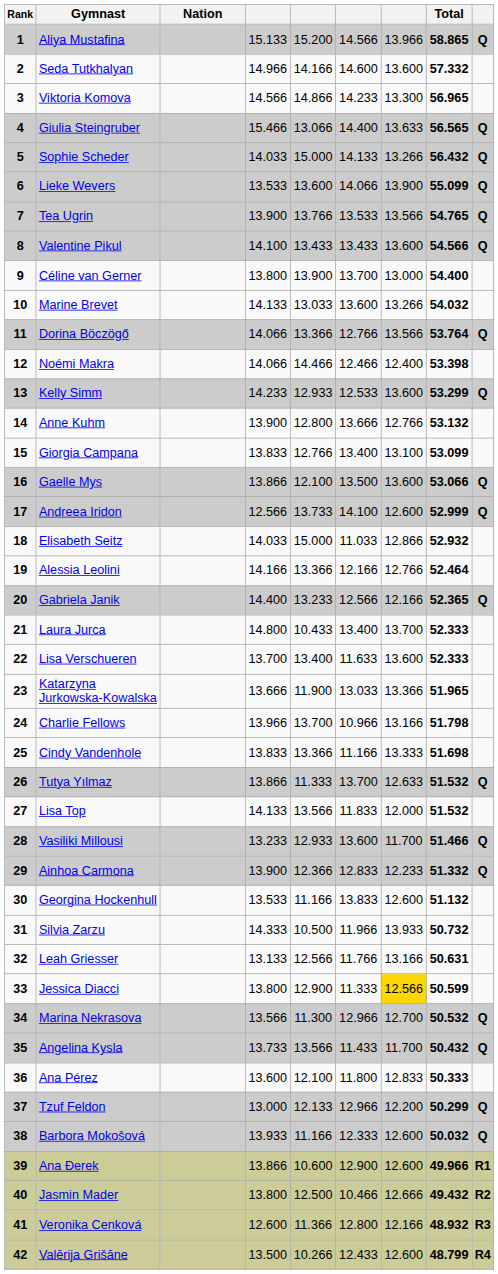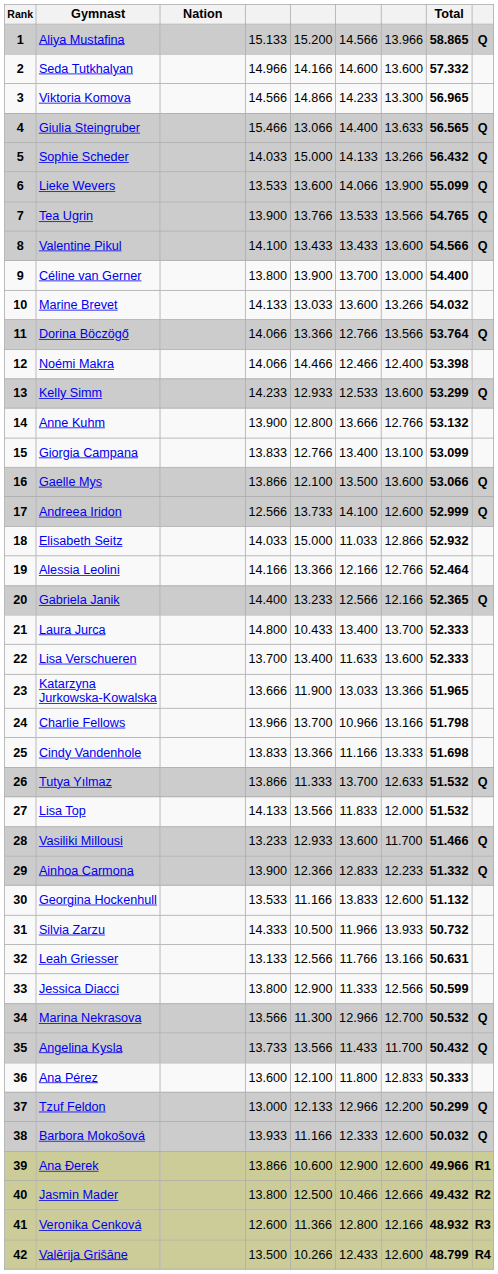 <table class="wikitable sortable" style="text-align:center; font-size:100%">
 <tr>
 <th scope="col" style="width:15px;"><small>Rank</small></th>
 <th ! scope="col" style="width:150px;">Gymnast</th>
 <th ! scope="col" style="width:100px;">Nation</th>
 <th ! scope="col" style="width:50px;"></th>
 <th ! scope="col" style="width:50px;"></th>
 <th ! scope="col" style="width:50px;"></th>
 <th ! scope="col" style="width:50px;"></th>
 <th ! scope="col" style="width:50px;">Total</th>
 <th ! scope="col" style="width:15px;"><small></small></th>
 </tr>
 <tr style="background:#cccccc;">
 <td scope=row style="text-align:center"><strong>1</strong></td>
 <td height="30" align=left><a href='#'>Aliya Mustafina</a></td>
 <td style="text-align:left;"><small></small></td>
 <td>15.133</td>
 <td>15.200</td>
 <td>14.566</td>
 <td>13.966</td>
 <td><strong>58.865</strong></td>
 <td><strong>Q</strong></td>
 </tr>
 <tr>
 <td scope=row style="text-align:center"><strong>2</strong></td>
 <td height="30" align=left><a href='#'>Seda Tutkhalyan</a></td>
 <td style="text-align:left;"><small></small></td>
 <td>14.966</td>
 <td>14.166</td>
 <td>14.600</td>
 <td>13.600</td>
 <td><strong>57.332</strong></td>
 <td></td>
 </tr>
 <tr>
 <td scope=row style="text-align:center"><strong>3</strong></td>
 <td height="30" align=left><a href='#'>Viktoria Komova</a></td>
 <td style="text-align:left;"><small></small></td>
 <td>14.566</td>
 <td>14.866</td>
 <td>14.233</td>
 <td>13.300</td>
 <td><strong>56.965</strong></td>
 <td></td>
 </tr>
 <tr style="background:#cccccc;">
 <td scope=row style="text-align:center"><strong>4</strong></td>
 <td height="30" align=left><a href='#'>Giulia Steingruber</a></td>
 <td style="text-align:left;"><small></small></td>
 <td>15.466</td>
 <td>13.066</td>
 <td>14.400</td>
 <td>13.633</td>
 <td><strong>56.565</strong></td>
 <td><strong>Q</strong></td>
 </tr>
 <tr style="background:#cccccc;">
 <td scope=row style="text-align:center"><strong>5</strong></td>
 <td height="30" align=left><a href='#'>Sophie Scheder</a></td>
 <td style="text-align:left;"><small></small></td>
 <td>14.033</td>
 <td>15.000</td>
 <td>14.133</td>
 <td>13.266</td>
 <td><strong>56.432</strong></td>
 <td><strong>Q</strong></td>
 </tr>
 <tr style="background:#cccccc;">
 <td scope=row style="text-align:center"><strong>6</strong></td>
 <td height="30" align=left><a href='#'>Lieke Wevers</a></td>
 <td style="text-align:left;"><small></small></td>
 <td>13.533</td>
 <td>13.600</td>
 <td>14.066</td>
 <td>13.900</td>
 <td><strong>55.099</strong></td>
 <td><strong>Q</strong></td>
 </tr>
 <tr style="background:#cccccc;">
 <td scope=row style="text-align:center"><strong>7</strong></td>
 <td height="30" align=left><a href='#'>Tea Ugrin</a></td>
 <td style="text-align:left;"><small></small></td>
 <td>13.900</td>
 <td>13.766</td>
 <td>13.533</td>
 <td>13.566</td>
 <td><strong>54.765</strong></td>
 <td><strong>Q</strong></td>
 </tr>
 <tr style="background:#cccccc;">
 <td scope=row style="text-align:center"><strong>8</strong></td>
 <td height="30" align=left><a href='#'>Valentine Pikul</a></td>
 <td style="text-align:left;"><small></small></td>
 <td>14.100</td>
 <td>13.433</td>
 <td>13.433</td>
 <td>13.600</td>
 <td><strong>54.566</strong></td>
 <td><strong>Q</strong></td>
 </tr>
 <tr>
 <td scope=row style="text-align:center"><strong>9</strong></td>
 <td height="30" align=left><a href='#'>Céline van Gerner</a></td>
 <td style="text-align:left;"><small></small></td>
 <td>13.800</td>
 <td>13.900</td>
 <td>13.700</td>
 <td>13.000</td>
 <td><strong>54.400</strong></td>
 <td></td>
 </tr>
 <tr>
 <td scope=row style="text-align:center"><strong>10</strong></td>
 <td height="30" align=left><a href='#'>Marine Brevet</a></td>
 <td style="text-align:left;"><small></small></td>
 <td>14.133</td>
 <td>13.033</td>
 <td>13.600</td>
 <td>13.266</td>
 <td><strong>54.032</strong></td>
 <td></td>
 </tr>
 <tr style="background:#cccccc;">
 <td scope=row style="text-align:center"><strong>11</strong></td>
 <td height="30" align=left><a href='#'>Dorina Böczögő</a></td>
 <td style="text-align:left;"><small></small></td>
 <td>14.066</td>
 <td>13.366</td>
 <td>12.766</td>
 <td>13.566</td>
 <td><strong>53.764</strong></td>
 <td><strong>Q</strong></td>
 </tr>
 <tr>
 <td scope=row style="text-align:center"><strong>12</strong></td>
 <td height="30" align=left><a href='#'>Noémi Makra</a></td>
 <td style="text-align:left;"><small></small></td>
 <td>14.066</td>
 <td>14.466</td>
 <td>12.466</td>
 <td>12.400</td>
 <td><strong>53.398</strong></td>
 <td></td>
 </tr>
 <tr style="background:#cccccc;">
 <td scope=row style="text-align:center"><strong>13</strong></td>
 <td height="30" align=left><a href='#'>Kelly Simm</a></td>
 <td style="text-align:left;"><small></small></td>
 <td>14.233</td>
 <td>12.933</td>
 <td>12.533</td>
 <td>13.600</td>
 <td><strong>53.299</strong></td>
 <td><strong>Q</strong></td>
 </tr>
 <tr>
 <td scope=row style="text-align:center"><strong>14</strong></td>
 <td height="30" align=left><a href='#'>Anne Kuhm</a></td>
 <td style="text-align:left;"><small></small></td>
 <td>13.900</td>
 <td>12.800</td>
 <td>13.666</td>
 <td>12.766</td>
 <td><strong>53.132</strong></td>
 <td></td>
 </tr>
 <tr>
 <td scope=row style="text-align:center"><strong>15</strong></td>
 <td height="30" align=left><a href='#'>Giorgia Campana</a></td>
 <td style="text-align:left;"><small></small></td>
 <td>13.833</td>
 <td>12.766</td>
 <td>13.400</td>
 <td>13.100</td>
 <td><strong>53.099</strong></td>
 <td></td>
 </tr>
 <tr style="background:#cccccc;">
 <td scope=row style="text-align:center"><strong>16</strong></td>
 <td height="30" align=left><a href='#'>Gaelle Mys</a></td>
 <td style="text-align:left;"><small></small></td>
 <td>13.866</td>
 <td>12.100</td>
 <td>13.500</td>
 <td>13.600</td>
 <td><strong>53.066</strong></td>
 <td><strong>Q</strong></td>
 </tr>
 <tr style="background:#cccccc;">
 <td scope=row style="text-align:center"><strong>17</strong></td>
 <td height="30" align=left><a href='#'>Andreea Iridon</a></td>
 <td style="text-align:left;"><small></small></td>
 <td>12.566</td>
 <td>13.733</td>
 <td>14.100</td>
 <td>12.600</td>
 <td><strong>52.999</strong></td>
 <td><strong>Q</strong></td>
 </tr>
 <tr>
 <td scope=row style="text-align:center"><strong>18</strong></td>
 <td height="30" align=left><a href='#'>Elisabeth Seitz</a></td>
 <td style="text-align:left;"><small></small></td>
 <td>14.033</td>
 <td>15.000</td>
 <td>11.033</td>
 <td>12.866</td>
 <td><strong>52.932</strong></td>
 <td></td>
 </tr>
 <tr>
 <td scope=row style="text-align:center"><strong>19</strong></td>
 <td height="30" align=left><a href='#'>Alessia Leolini</a></td>
 <td style="text-align:left;"><small></small></td>
 <td>14.166</td>
 <td>13.366</td>
 <td>12.166</td>
 <td>12.766</td>
 <td><strong>52.464</strong></td>
 <td></td>
 </tr>
 <tr style="background:#cccccc;">
 <td scope=row style="text-align:center"><strong>20</strong></td>
 <td height="30" align=left><a href='#'>Gabriela Janik</a></td>
 <td style="text-align:left;"><small></small></td>
 <td>14.400</td>
 <td>13.233</td>
 <td>12.566</td>
 <td>12.166</td>
 <td><strong>52.365</strong></td>
 <td><strong>Q</strong></td>
 </tr>
 <tr>
 <td scope=row style="text-align:center"><strong>21</strong></td>
 <td height="30" align=left><a href='#'>Laura Jurca</a></td>
 <td style="text-align:left;"><small></small></td>
 <td>14.800</td>
 <td>10.433</td>
 <td>13.400</td>
 <td>13.700</td>
 <td><strong>52.333</strong></td>
 <td></td>
 </tr>
 <tr>
 <td scope=row style="text-align:center"><strong>22</strong></td>
 <td height="30" align=left><a href='#'>Lisa Verschueren</a></td>
 <td style="text-align:left;"><small></small></td>
 <td>13.700</td>
 <td>13.400</td>
 <td>11.633</td>
 <td>13.600</td>
 <td><strong>52.333</strong></td>
 <td></td>
 </tr>
 <tr>
 <td scope=row style="text-align:center"><strong>23</strong></td>
 <td height="30" align=left><a href='#'>Katarzyna Jurkowska-Kowalska</a></td>
 <td style="text-align:left;"><small></small></td>
 <td>13.666</td>
 <td>11.900</td>
 <td>13.033</td>
 <td>13.366</td>
 <td><strong>51.965</strong></td>
 <td></td>
 </tr>
 <tr>
 <td scope=row style="text-align:center"><strong>24</strong></td>
 <td height="30" align=left><a href='#'>Charlie Fellows</a></td>
 <td style="text-align:left;"><small></small></td>
 <td>13.966</td>
 <td>13.700</td>
 <td>10.966</td>
 <td>13.166</td>
 <td><strong>51.798</strong></td>
 <td></td>
 </tr>
 <tr>
 <td scope=row style="text-align:center"><strong>25</strong></td>
 <td height="30" align=left><a href='#'>Cindy Vandenhole</a></td>
 <td style="text-align:left;"><small></small></td>
 <td>13.833</td>
 <td>13.366</td>
 <td>11.166</td>
 <td>13.333</td>
 <td><strong>51.698</strong></td>
 <td></td>
 </tr>
 <tr style="background:#cccccc;">
 <td scope=row style="text-align:center"><strong>26</strong></td>
 <td height="30" align=left><a href='#'>Tutya Yılmaz</a></td>
 <td style="text-align:left;"><small></small></td>
 <td>13.866</td>
 <td>11.333</td>
 <td>13.700</td>
 <td>12.633</td>
 <td><strong>51.532</strong></td>
 <td><strong>Q</strong></td>
 </tr>
 <tr>
 <td scope=row style="text-align:center"><strong>27</strong></td>
 <td height="30" align=left><a href='#'>Lisa Top</a></td>
 <td style="text-align:left;"><small></small></td>
 <td>14.133</td>
 <td>13.566</td>
 <td>11.833</td>
 <td>12.000</td>
 <td><strong>51.532</strong></td>
 <td></td>
 </tr>
 <tr style="background:#cccccc;">
 <td scope=row style="text-align:center"><strong>28</strong></td>
 <td height="30" align=left><a href='#'>Vasiliki Millousi</a></td>
 <td style="text-align:left;"><small></small></td>
 <td>13.233</td>
 <td>12.933</td>
 <td>13.600</td>
 <td>11.700</td>
 <td><strong>51.466</strong></td>
 <td><strong>Q</strong></td>
 </tr>
 <tr style="background:#cccccc;">
 <td scope=row style="text-align:center"><strong>29</strong></td>
 <td height="30" align=left><a href='#'>Ainhoa Carmona</a></td>
 <td style="text-align:left;"><small></small></td>
 <td>13.900</td>
 <td>12.366</td>
 <td>12.833</td>
 <td>12.233</td>
 <td><strong>51.332</strong></td>
 <td><strong>Q</strong></td>
 </tr>
 <tr>
 <td scope=row style="text-align:center"><strong>30</strong></td>
 <td height="30" align=left><a href='#'>Georgina Hockenhull</a></td>
 <td style="text-align:left;"><small></small></td>
 <td>13.533</td>
 <td>11.166</td>
 <td>13.833</td>
 <td>12.600</td>
 <td><strong>51.132</strong></td>
 <td></td>
 </tr>
 <tr>
 <td scope=row style="text-align:center"><strong>31</strong></td>
 <td height="30" align=left><a href='#'>Silvia Zarzu</a></td>
 <td style="text-align:left;"><small></small></td>
 <td>14.333</td>
 <td>10.500</td>
 <td>11.966</td>
 <td>13.933</td>
 <td><strong>50.732</strong></td>
 <td></td>
 </tr>
 <tr>
 <td scope=row style="text-align:center"><strong>32</strong></td>
 <td height="30" align=left><a href='#'>Leah Griesser</a></td>
 <td style="text-align:left;"><small></small></td>
 <td>13.133</td>
 <td>12.566</td>
 <td>11.766</td>
 <td>13.166</td>
 <td><strong>50.631</strong></td>
 <td></td>
 </tr>
 <tr>
 <td scope=row style="text-align:center"><strong>33</strong></td>
 <td height="30" align=left><a href='#'>Jessica Diacci</a></td>
 <td style="text-align:left;"><small></small></td>
 <td>13.800</td>
 <td>12.900</td>
 <td>11.333</td>
-<td style="background: gold;">12.566</td>
+<td>12.566</td>
 <td><strong>50.599</strong></td>
 <td></td>
 </tr>
 <tr style="background:#cccccc;">
 <td scope=row style="text-align:center"><strong>34</strong></td>
 <td height="30" align=left><a href='#'>Marina Nekrasova</a></td>
 <td style="text-align:left;"><small></small></td>
 <td>13.566</td>
 <td>11.300</td>
 <td>12.966</td>
 <td>12.700</td>
 <td><strong>50.532</strong></td>
 <td><strong>Q</strong></td>
 </tr>
 <tr style="background:#cccccc;">
 <td scope=row style="text-align:center"><strong>35</strong></td>
 <td height="30" align=left><a href='#'>Angelina Kysla</a></td>
 <td style="text-align:left;"><small></small></td>
 <td>13.733</td>
 <td>13.566</td>
 <td>11.433</td>
 <td>11.700</td>
 <td><strong>50.432</strong></td>
 <td><strong>Q</strong></td>
 </tr>
 <tr>
 <td scope=row style="text-align:center"><strong>36</strong></td>
 <td height="30" align=left><a href='#'>Ana Pérez</a></td>
 <td style="text-align:left;"><small></small></td>
 <td>13.600</td>
 <td>12.100</td>
 <td>11.800</td>
 <td>12.833</td>
 <td><strong>50.333</strong></td>
 <td></td>
 </tr>
 <tr style="background:#cccccc;">
 <td scope=row style="text-align:center"><strong>37</strong></td>
 <td height="30" align=left><a href='#'>Tzuf Feldon</a></td>
 <td style="text-align:left;"><small></small></td>
 <td>13.000</td>
 <td>12.133</td>
 <td>12.966</td>
 <td>12.200</td>
 <td><strong>50.299</strong></td>
 <td><strong>Q</strong></td>
 </tr>
 <tr style="background:#cccccc;">
 <td scope=row style="text-align:center"><strong>38</strong></td>
 <td height="30" align=left><a href='#'>Barbora Mokošová</a></td>
 <td style="text-align:left;"><small></small></td>
 <td>13.933</td>
 <td>11.166</td>
 <td>12.333</td>
 <td>12.600</td>
 <td><strong>50.032</strong></td>
 <td><strong>Q</strong></td>
 </tr>
 <tr style="background:#CCCC99;">
 <td scope=row style="text-align:center"><strong>39</strong></td>
 <td height="30" align=left><a href='#'>Ana Đerek</a></td>
 <td style="text-align:left;"><small></small></td>
 <td>13.866</td>
 <td>10.600</td>
 <td>12.900</td>
 <td>12.600</td>
 <td><strong>49.966</strong></td>
 <td><strong>R1</strong></td>
 </tr>
 <tr style="background:#CCCC99;">
 <td scope=row style="text-align:center"><strong>40</strong></td>
 <td height="30" align=left><a href='#'>Jasmin Mader</a></td>
 <td style="text-align:left;"><small></small></td>
 <td>13.800</td>
 <td>12.500</td>
 <td>10.466</td>
 <td>12.666</td>
 <td><strong>49.432</strong></td>
 <td><strong>R2</strong></td>
 </tr>
 <tr style="background:#CCCC99;">
 <td scope=row style="text-align:center"><strong>41</strong></td>
 <td height="30" align=left><a href='#'>Veronika Cenková</a></td>
 <td style="text-align:left;"><small></small></td>
 <td>12.600</td>
 <td>11.366</td>
 <td>12.800</td>
 <td>12.166</td>
 <td><strong>48.932</strong></td>
 <td><strong>R3</strong></td>
 </tr>
 <tr style="background:#CCCC99;">
 <td scope=row style="text-align:center"><strong>42</strong></td>
 <td height="30" align=left><a href='#'>Valērija Grišāne</a></td>
 <td style="text-align:left;"><small></small></td>
 <td>13.500</td>
 <td>10.266</td>
 <td>12.433</td>
 <td>12.600</td>
 <td><strong>48.799</strong></td>
 <td><strong>R4</strong></td>
 </tr>
 </table>
